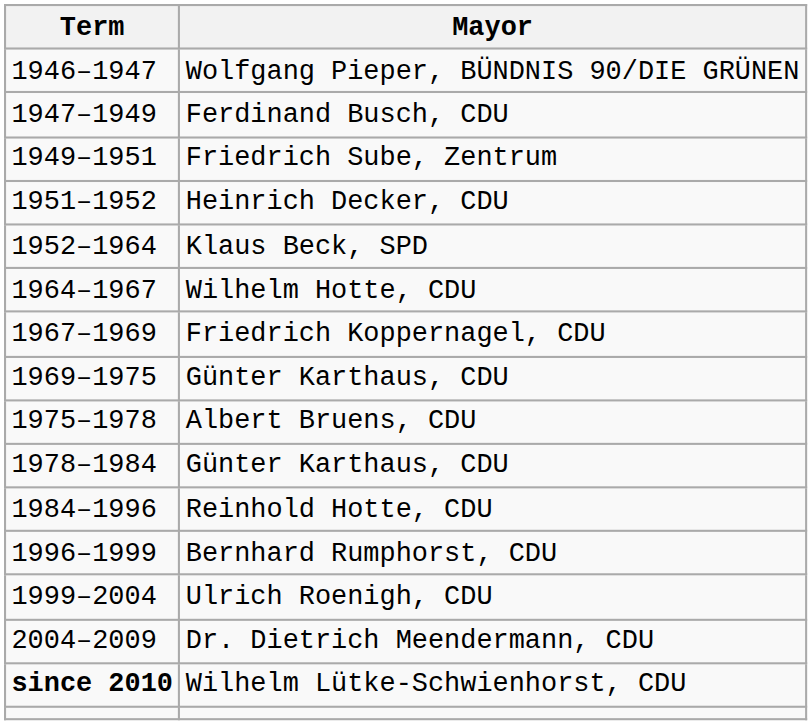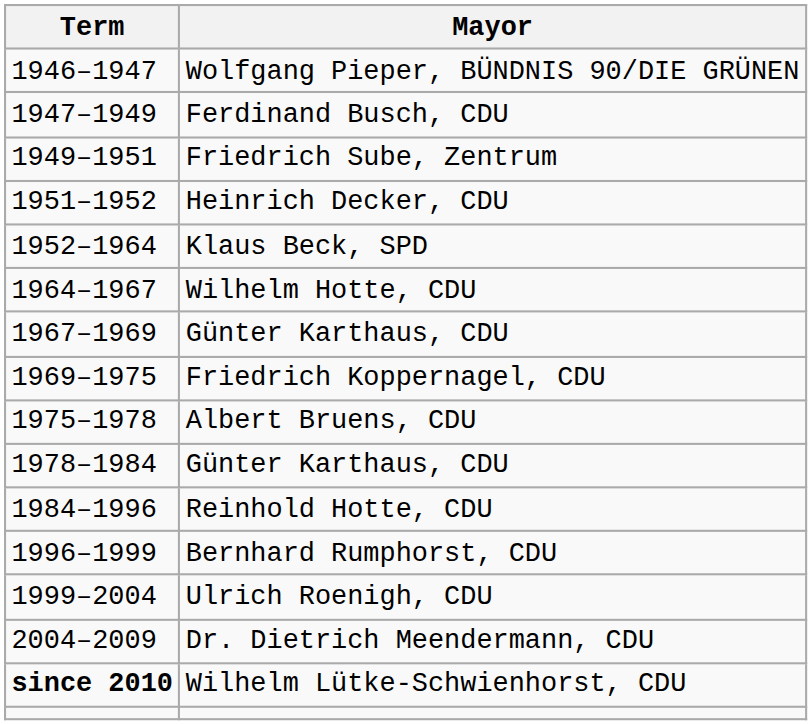 <table class="wikitable">
 <tr>
 <th>Term</th>
 <th>Mayor</th>
 </tr>
 <tr>
 <td>1946–1947</td>
 <td>Wolfgang Pieper, BÜNDNIS 90/DIE GRÜNEN</td>
 </tr>
 <tr>
 <td>1947–1949</td>
 <td>Ferdinand Busch, CDU</td>
 </tr>
 <tr>
 <td>1949–1951</td>
 <td>Friedrich Sube, Zentrum</td>
 </tr>
 <tr>
 <td>1951–1952</td>
 <td>Heinrich Decker, CDU</td>
 </tr>
 <tr>
 <td>1952–1964</td>
 <td>Klaus Beck, SPD</td>
 </tr>
 <tr>
 <td>1964–1967</td>
 <td>Wilhelm Hotte, CDU</td>
 </tr>
 <tr>
 <td>1967–1969</td>
-<td>Friedrich Koppernagel, CDU</td>
+<td>Günter Karthaus, CDU</td>
 </tr>
 <tr>
 <td>1969–1975</td>
-<td>Günter Karthaus, CDU</td>
+<td>Friedrich Koppernagel, CDU</td>
 </tr>
 <tr>
 <td>1975–1978</td>
 <td>Albert Bruens, CDU</td>
 </tr>
 <tr>
 <td>1978–1984</td>
 <td>Günter Karthaus, CDU</td>
 </tr>
 <tr>
 <td>1984–1996</td>
 <td>Reinhold Hotte, CDU</td>
 </tr>
 <tr>
 <td>1996–1999</td>
 <td>Bernhard Rumphorst, CDU</td>
 </tr>
 <tr>
 <td>1999–2004</td>
 <td>Ulrich Roenigh, CDU</td>
 </tr>
 <tr>
 <td>2004–2009</td>
 <td>Dr. Dietrich Meendermann, CDU</td>
 </tr>
 <tr>
 <td><strong>since 2010</strong></td>
 <td>Wilhelm Lütke-Schwienhorst, CDU</td>
 </tr>
 <tr>
 <td></td>
 </tr>
 </table>
